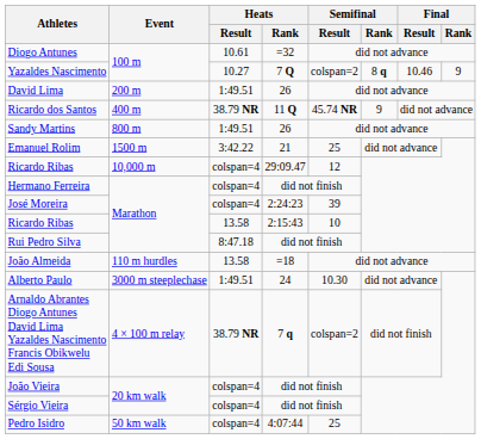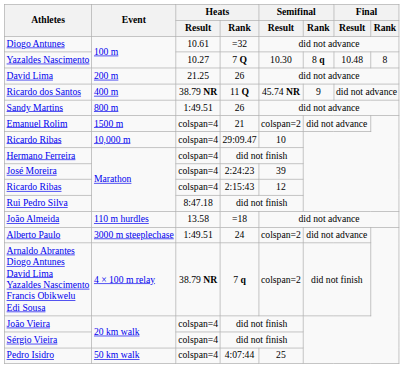 <table class="wikitable" border="1" style="font-size:90%">
 <tr>
 <th rowspan="2">Athletes</th>
 <th rowspan="2">Event</th>
 <th colspan="2">Heats</th>
 <th colspan="2">Semifinal</th>
 <th colspan="2">Final</th>
 </tr>
 <tr>
 <th>Result</th>
 <th>Rank</th>
 <th>Result</th>
 <th>Rank</th>
 <th>Result</th>
 <th>Rank</th>
 </tr>
 <tr>
 <td><a href='#'>Diogo Antunes</a></td>
 <td rowspan=2><a href='#'>100 m</a></td>
 <td align=center>10.61</td>
 <td align=center>=32</td>
 <td align=center colspan=4>did not advance</td>
 </tr>
 <tr>
 <td><a href='#'>Yazaldes Nascimento</a></td>
 <td align=center>10.27</td>
 <td align=center>7 <strong>Q</strong></td>
-<td>colspan=2 </td>
+<td align=center>10.30</td>
 <td align=center>8 <strong>q</strong></td>
-<td align=center>10.46</td>
-<td align=center>9</td>
+<td align=center>10.48</td>
+<td align=center>8</td>
 </tr>
 <tr>
 <td><a href='#'>David Lima</a></td>
 <td><a href='#'>200 m</a></td>
-<td align=center>1:49.51</td>
+<td align=center>21.25</td>
 <td align=center>26</td>
 <td align=center colspan=4>did not advance</td>
 </tr>
 <tr>
 <td><a href='#'>Ricardo dos Santos</a></td>
 <td><a href='#'>400 m</a></td>
 <td align=center>38.79 <strong>NR</strong></td>
 <td align=center>11 <strong>Q</strong></td>
 <td align=center>45.74 <strong>NR</strong></td>
 <td align=center>9</td>
 <td align=center colspan=2>did not advance</td>
 </tr>
 <tr>
 <td><a href='#'>Sandy Martins</a></td>
 <td><a href='#'>800 m</a></td>
 <td align=center>1:49.51</td>
 <td align=center>26</td>
 <td align=center colspan=4>did not advance</td>
 </tr>
 <tr>
 <td><a href='#'>Emanuel Rolim</a></td>
 <td><a href='#'>1500 m</a></td>
-<td align=center>3:42.22</td>
+<td>colspan=4 </td>
 <td align=center>21</td>
-<td align=center>25</td>
+<td>colspan=2 </td>
 <td align=center colspan=2>did not advance</td>
 </tr>
 <tr>
 <td><a href='#'>Ricardo Ribas</a></td>
 <td><a href='#'>10,000 m</a></td>
 <td>colspan=4 </td>
 <td align=center>29:09.47</td>
-<td align=center>12</td>
+<td align=center>10</td>
 </tr>
 <tr>
 <td><a href='#'>Hermano Ferreira</a></td>
 <td rowspan=4><a href='#'>Marathon</a></td>
 <td>colspan=4 </td>
 <td align=center colspan=2>did not finish</td>
 </tr>
 <tr>
 <td><a href='#'>José Moreira</a></td>
 <td>colspan=4 </td>
 <td align=center>2:24:23</td>
 <td align=center>39</td>
 </tr>
 <tr>
 <td><a href='#'>Ricardo Ribas</a></td>
-<td align=center>13.58</td>
+<td>colspan=4 </td>
 <td align=center>2:15:43</td>
-<td align=center>10</td>
+<td align=center>12</td>
 </tr>
 <tr>
 <td><a href='#'>Rui Pedro Silva</a></td>
 <td align=center>8:47.18</td>
 <td align=center colspan=2>did not finish</td>
 </tr>
 <tr>
 <td><a href='#'>João Almeida</a></td>
 <td><a href='#'>110 m hurdles</a></td>
 <td align=center>13.58</td>
 <td align=center>=18</td>
 <td align=center colspan=4>did not advance</td>
 </tr>
 <tr>
 <td><a href='#'>Alberto Paulo</a></td>
 <td><a href='#'>3000 m steeplechase</a></td>
 <td align=center>1:49.51</td>
 <td align=center>24</td>
-<td align=center>10.30</td>
+<td>colspan=2 </td>
 <td align=center colspan=2>did not advance</td>
 </tr>
 <tr>
 <td><a href='#'>Arnaldo Abrantes</a><br><a href='#'>Diogo Antunes</a><br><a href='#'>David Lima</a><br><a href='#'>Yazaldes Nascimento</a><br><a href='#'>Francis Obikwelu</a><br><a href='#'>Edi Sousa</a></td>
 <td><a href='#'>4 × 100 m relay</a></td>
 <td align=center>38.79 <strong>NR</strong></td>
 <td align=center>7 <strong>q</strong></td>
 <td>colspan=2 </td>
 <td align=center colspan=2>did not finish</td>
 </tr>
 <tr>
 <td><a href='#'>João Vieira</a></td>
 <td rowspan=2><a href='#'>20 km walk</a></td>
 <td>colspan=4 </td>
 <td align=center colspan=2>did not finish</td>
 </tr>
 <tr>
 <td><a href='#'>Sérgio Vieira</a></td>
 <td>colspan=4 </td>
 <td align=center colspan=2>did not finish</td>
 </tr>
 <tr>
 <td><a href='#'>Pedro Isidro</a></td>
 <td><a href='#'>50 km walk</a></td>
 <td>colspan=4 </td>
 <td align=center>4:07:44</td>
 <td align=center>25</td>
 </tr>
 </table>
